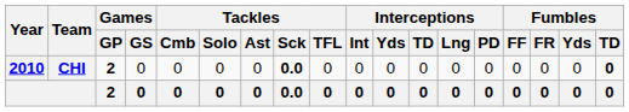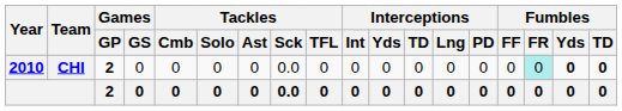 <table class="wikitable" style="text-align:center">
 <tr>
 <th rowspan="2">Year</th>
 <th rowspan="2">Team</th>
 <th colspan="2">Games</th>
 <th colspan="5">Tackles</th>
 <th colspan="5">Interceptions</th>
 <th colspan="4">Fumbles</th>
 </tr>
 <tr>
 <th>GP</th>
 <th>GS</th>
 <th>Cmb</th>
 <th>Solo</th>
 <th>Ast</th>
 <th>Sck</th>
 <th>TFL</th>
 <th>Int</th>
 <th>Yds</th>
 <th>TD</th>
 <th>Lng</th>
 <th>PD</th>
 <th>FF</th>
 <th>FR</th>
 <th>Yds</th>
 <th>TD</th>
 </tr>
 <tr>
 <th><a href='#'>2010</a></th>
 <th><a href='#'>CHI</a></th>
 <td><strong>2</strong></td>
 <td>0</td>
 <td>0</td>
 <td>0</td>
 <td>0</td>
-<td><strong>0.0</strong></td>
+<td>0.0</td>
 <td>0</td>
 <td>0</td>
 <td>0</td>
 <td>0</td>
 <td>0</td>
 <td>0</td>
 <td>0</td>
-<td>0</td>
-<td>0</td>
+<td style="background: paleturquoise;">0</td>
+<td><strong>0</strong></td>
 <td><strong>0</strong></td>
 </tr>
 <tr>
 <th colspan="2"></th>
 <th>2</th>
 <th>0</th>
 <th>0</th>
 <th>0</th>
 <th>0</th>
 <th>0.0</th>
 <th>0</th>
 <th>0</th>
 <th>0</th>
 <th>0</th>
 <th>0</th>
 <th>0</th>
 <th>0</th>
 <th>0</th>
 <th>0</th>
 <th>0</th>
 </tr>
 </table>
